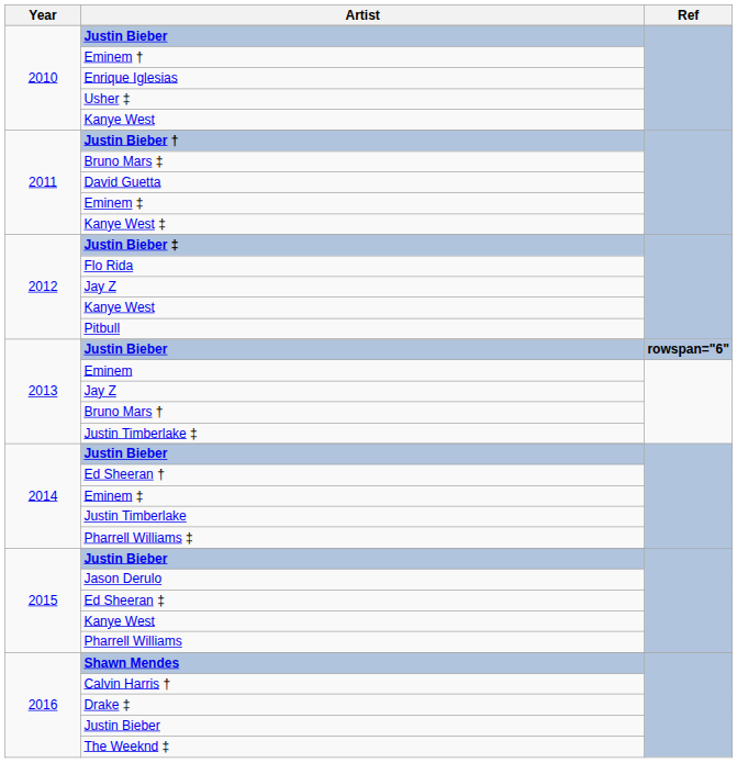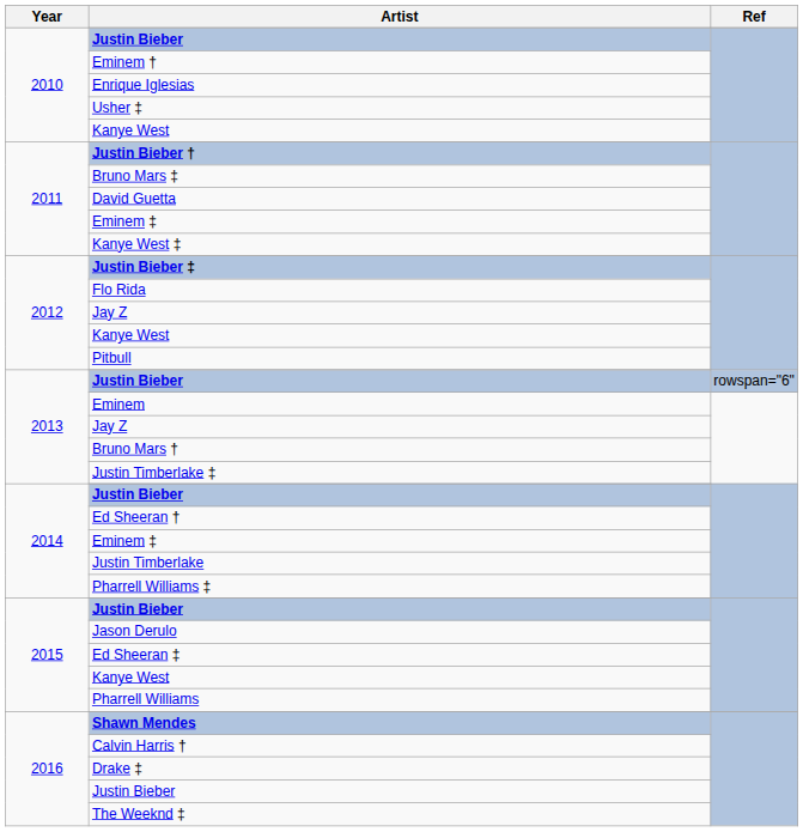 <table class="wikitable" style="width:100%;">
 <tr style="background:#bebebe;">
 <th style="width:11%;">Year</th>
 <th style="width:84%;">Artist</th>
 <th style="width:5%;">Ref</th>
 </tr>
 <tr>
 <td rowspan="6" align="center"><a href='#'>2010</a></td>
 </tr>
 <tr style="background:#B0C4DE">
 <td><strong><a href='#'>Justin Bieber</a></strong></td>
 <td rowspan="6" align="center"></td>
 </tr>
 <tr>
 <td><a href='#'>Eminem</a> †</td>
 </tr>
 <tr>
 <td><a href='#'>Enrique Iglesias</a></td>
 </tr>
 <tr>
 <td><a href='#'>Usher</a> ‡</td>
 </tr>
 <tr>
 <td><a href='#'>Kanye West</a></td>
 </tr>
 <tr>
 <td rowspan="6" align="center"><a href='#'>2011</a></td>
 </tr>
 <tr style="background:#B0C4DE">
 <td><strong><a href='#'>Justin Bieber</a> †</strong></td>
 <td rowspan="6" align="center"></td>
 </tr>
 <tr>
 <td><a href='#'>Bruno Mars</a> ‡</td>
 </tr>
 <tr>
 <td><a href='#'>David Guetta</a></td>
 </tr>
 <tr>
 <td><a href='#'>Eminem</a> ‡</td>
 </tr>
 <tr>
 <td><a href='#'>Kanye West</a> ‡</td>
 </tr>
 <tr>
 <td rowspan="6" align="center"><a href='#'>2012</a></td>
 </tr>
 <tr style="background:#B0C4DE">
 <td><strong><a href='#'>Justin Bieber</a> ‡</strong></td>
 <td rowspan="6" align="center"></td>
 </tr>
 <tr>
 <td><a href='#'>Flo Rida</a></td>
 </tr>
 <tr>
 <td><a href='#'>Jay Z</a></td>
 </tr>
 <tr>
 <td><a href='#'>Kanye West</a></td>
 </tr>
 <tr>
 <td><a href='#'>Pitbull</a></td>
 </tr>
 <tr>
 <td rowspan="6" align="center"><a href='#'>2013</a></td>
 </tr>
 <tr style="background:#B0C4DE">
 <td><strong><a href='#'>Justin Bieber</a></strong></td>
-<td><strong>rowspan="6" </strong></td>
+<td>rowspan="6" </td>
 </tr>
 <tr>
 <td><a href='#'>Eminem</a></td>
 </tr>
 <tr>
 <td><a href='#'>Jay Z</a></td>
 </tr>
 <tr>
 <td><a href='#'>Bruno Mars</a> †</td>
 </tr>
 <tr>
 <td><a href='#'>Justin Timberlake</a> ‡</td>
 </tr>
 <tr>
 <td rowspan="6" align="center"><a href='#'>2014</a></td>
 </tr>
 <tr style="background:#B0C4DE">
 <td><strong><a href='#'>Justin Bieber</a></strong></td>
 <td rowspan="6" align="center"></td>
 </tr>
 <tr>
 <td><a href='#'>Ed Sheeran</a> †</td>
 </tr>
 <tr>
 <td><a href='#'>Eminem</a> ‡</td>
 </tr>
 <tr>
 <td><a href='#'>Justin Timberlake</a></td>
 </tr>
 <tr>
 <td><a href='#'>Pharrell Williams</a> ‡</td>
 </tr>
 <tr>
 <td rowspan="6" align="center"><a href='#'>2015</a></td>
 </tr>
 <tr style="background:#B0C4DE">
 <td><strong><a href='#'>Justin Bieber</a></strong></td>
 <td rowspan="5" align="center"></td>
 </tr>
 <tr>
 <td><a href='#'>Jason Derulo</a></td>
 </tr>
 <tr>
 <td><a href='#'>Ed Sheeran</a> ‡</td>
 </tr>
 <tr>
 <td><a href='#'>Kanye West</a></td>
 </tr>
 <tr>
 <td><a href='#'>Pharrell Williams</a></td>
 </tr>
 <tr>
 <td rowspan="6" align="center"><a href='#'>2016</a></td>
 </tr>
 <tr style="background:#B0C4DE">
 <td><strong><a href='#'>Shawn Mendes</a></strong></td>
 <td rowspan="6" align="center"></td>
 </tr>
 <tr>
 <td><a href='#'>Calvin Harris</a> †</td>
 </tr>
 <tr>
 <td><a href='#'>Drake</a> ‡</td>
 </tr>
 <tr>
 <td><a href='#'>Justin Bieber</a></td>
 </tr>
 <tr>
 <td><a href='#'>The Weeknd</a> ‡</td>
 </tr>
 </table>
